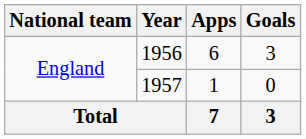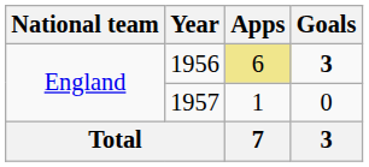 <table class="wikitable" style="text-align:center">
 <tr>
 <th>National team</th>
 <th>Year</th>
 <th>Apps</th>
 <th>Goals</th>
 </tr>
 <tr>
 <td rowspan="2"><a href='#'>England</a></td>
 <td>1956</td>
-<td>6</td>
-<td>3</td>
+<td style="background: khaki;">6</td>
+<td><strong>3</strong></td>
 </tr>
 <tr>
 <td>1957</td>
 <td>1</td>
 <td>0</td>
 </tr>
 <tr>
 <th colspan="2">Total</th>
 <th>7</th>
 <th>3</th>
 </tr>
 </table>
